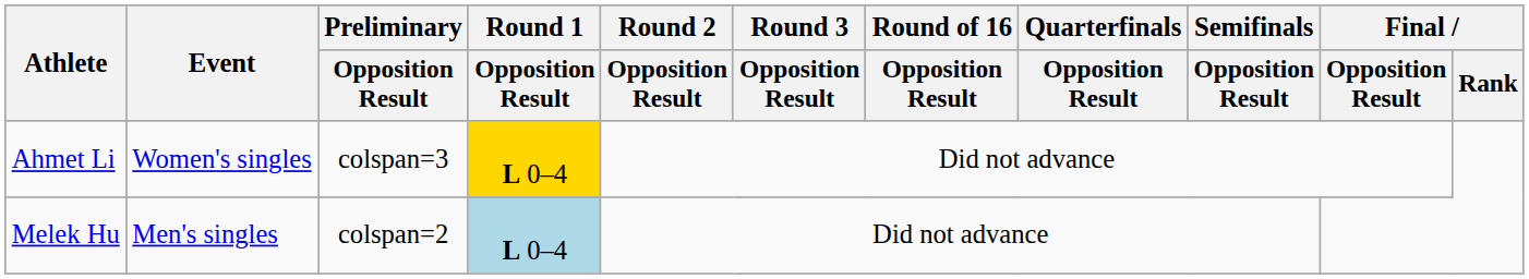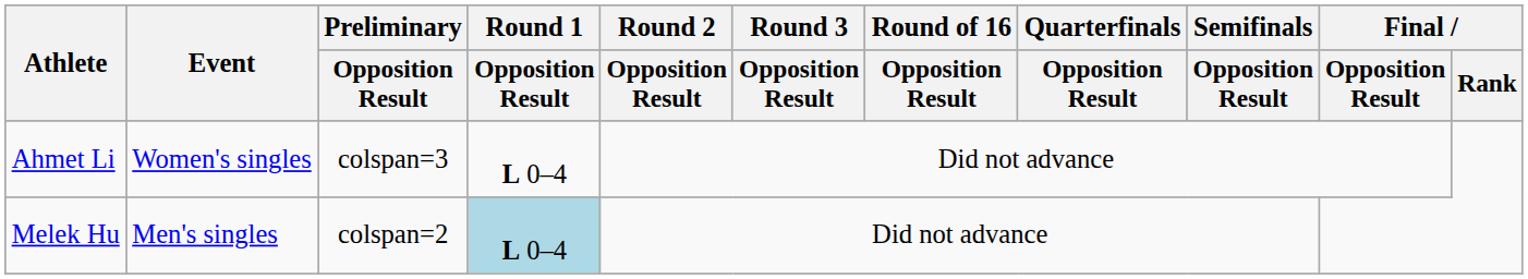 <table class="wikitable" style="font-size:90%;">
 <tr>
 <th rowspan=2>Athlete</th>
 <th rowspan=2>Event</th>
 <th>Preliminary</th>
 <th>Round 1</th>
 <th>Round 2</th>
 <th>Round 3</th>
 <th>Round of 16</th>
 <th>Quarterfinals</th>
 <th>Semifinals</th>
 <th colspan=2>Final / </th>
 </tr>
 <tr style="font-size:95%">
 <th>Opposition<br>Result</th>
 <th>Opposition<br>Result</th>
 <th>Opposition<br>Result</th>
 <th>Opposition<br>Result</th>
 <th>Opposition<br>Result</th>
 <th>Opposition<br>Result</th>
 <th>Opposition<br>Result</th>
 <th>Opposition<br>Result</th>
 <th>Rank</th>
 </tr>
 <tr align=center>
 <td align=left><a href='#'>Ahmet Li</a></td>
 <td align=left><a href='#'>Women's singles</a></td>
 <td>colspan=3 </td>
-<td style="background: gold;"><br><strong>L</strong> 0–4</td>
+<td><br><strong>L</strong> 0–4</td>
 <td colspan=6>Did not advance</td>
 </tr>
 <tr align=center>
 <td align=left><a href='#'>Melek Hu</a></td>
 <td align=left><a href='#'>Men's singles</a></td>
 <td>colspan=2 </td>
 <td style="background: lightblue;"><br><strong>L</strong> 0–4</td>
 <td colspan=5>Did not advance</td>
 </tr>
 </table>
